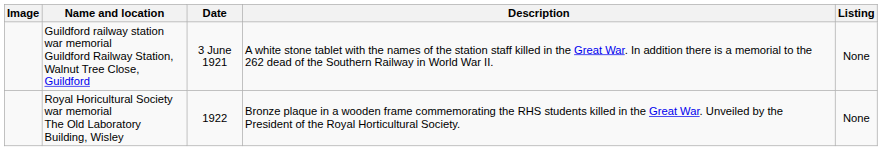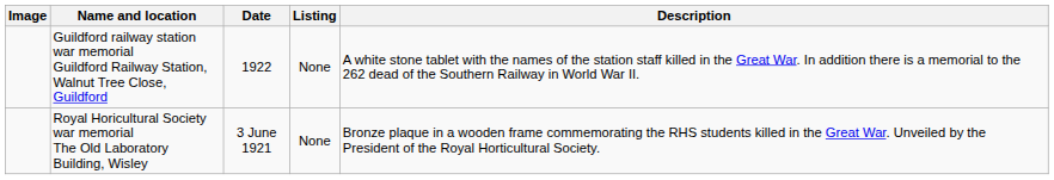 <table class="wikitable sortable sticky-header">
 <tr>
 <th scope="col" class="unsortable">Image</th>
 <th scope="col" width=200px>Name and location</th>
 <th>Date</th>
+<th>Listing</th>
 <th scope="col" class="unsortable">Description</th>
-<th>Listing</th>
 </tr>
 <tr>
 <td></td>
 <td>Guildford railway station war memorial<br>Guildford Railway Station, Walnut Tree Close, <a href='#'>Guildford</a><br> </td>
-<td colspan=1 style="text-align: center;">3 June 1921</td>
+<td colspan=1 style="text-align: center;">1922</td>
+<td colspan=1 style="text-align: center;">None</td>
 <td>A white stone tablet with the names of the station staff killed in the <a href='#'>Great War</a>. In addition there is a memorial to the 262 dead of the Southern Railway in World War II.</td>
-<td colspan=1 style="text-align: center;">None</td>
 </tr>
 <tr>
 <td></td>
 <td>Royal Horicultural Society war memorial<br>The Old Laboratory Building, Wisley<br> </td>
-<td colspan=1 style="text-align: center;">1922</td>
+<td colspan=1 style="text-align: center;">3 June 1921</td>
+<td colspan=1 style="text-align: center;">None</td>
 <td>Bronze plaque in a wooden frame commemorating the RHS students killed in the <a href='#'>Great War</a>. Unveiled by the President of the Royal Horticultural Society.</td>
-<td colspan=1 style="text-align: center;">None</td>
 </tr>
 </table>
